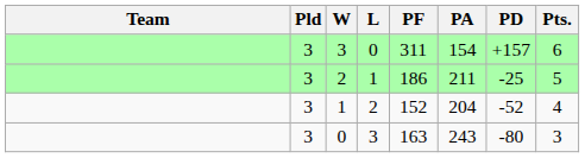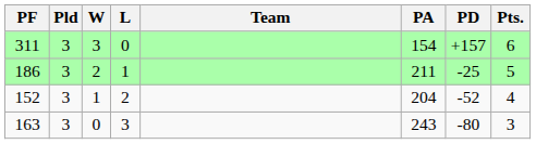 <table class=wikitable style="text-align:center">
 <tr>
-<th width=240>Team</th>
+<th width=35>PF</th>
 <th width=20>Pld</th>
 <th width=20>W</th>
 <th width=20>L</th>
-<th width=35>PF</th>
+<th width=240>Team</th>
 <th width=35>PA</th>
 <th width=35>PD</th>
 <th width=30>Pts.</th>
 </tr>
 <tr bgcolor=#aaffaa>
-<td align=left><strong></strong></td>
+<td>311</td>
 <td>3</td>
 <td>3</td>
 <td>0</td>
-<td>311</td>
+<td align=left><strong></strong></td>
 <td>154</td>
 <td>+157</td>
 <td>6</td>
 </tr>
 <tr bgcolor=#aaffaa>
-<td align=left></td>
+<td>186</td>
 <td>3</td>
 <td>2</td>
 <td>1</td>
-<td>186</td>
+<td align=left></td>
 <td>211</td>
 <td>-25</td>
 <td>5</td>
 </tr>
 <tr>
-<td align=left></td>
+<td>152</td>
 <td>3</td>
 <td>1</td>
 <td>2</td>
-<td>152</td>
+<td align=left></td>
 <td>204</td>
 <td>-52</td>
 <td>4</td>
 </tr>
 <tr>
-<td align=left></td>
+<td>163</td>
 <td>3</td>
 <td>0</td>
 <td>3</td>
-<td>163</td>
+<td align=left></td>
 <td>243</td>
 <td>-80</td>
 <td>3</td>
 </tr>
 </table>
